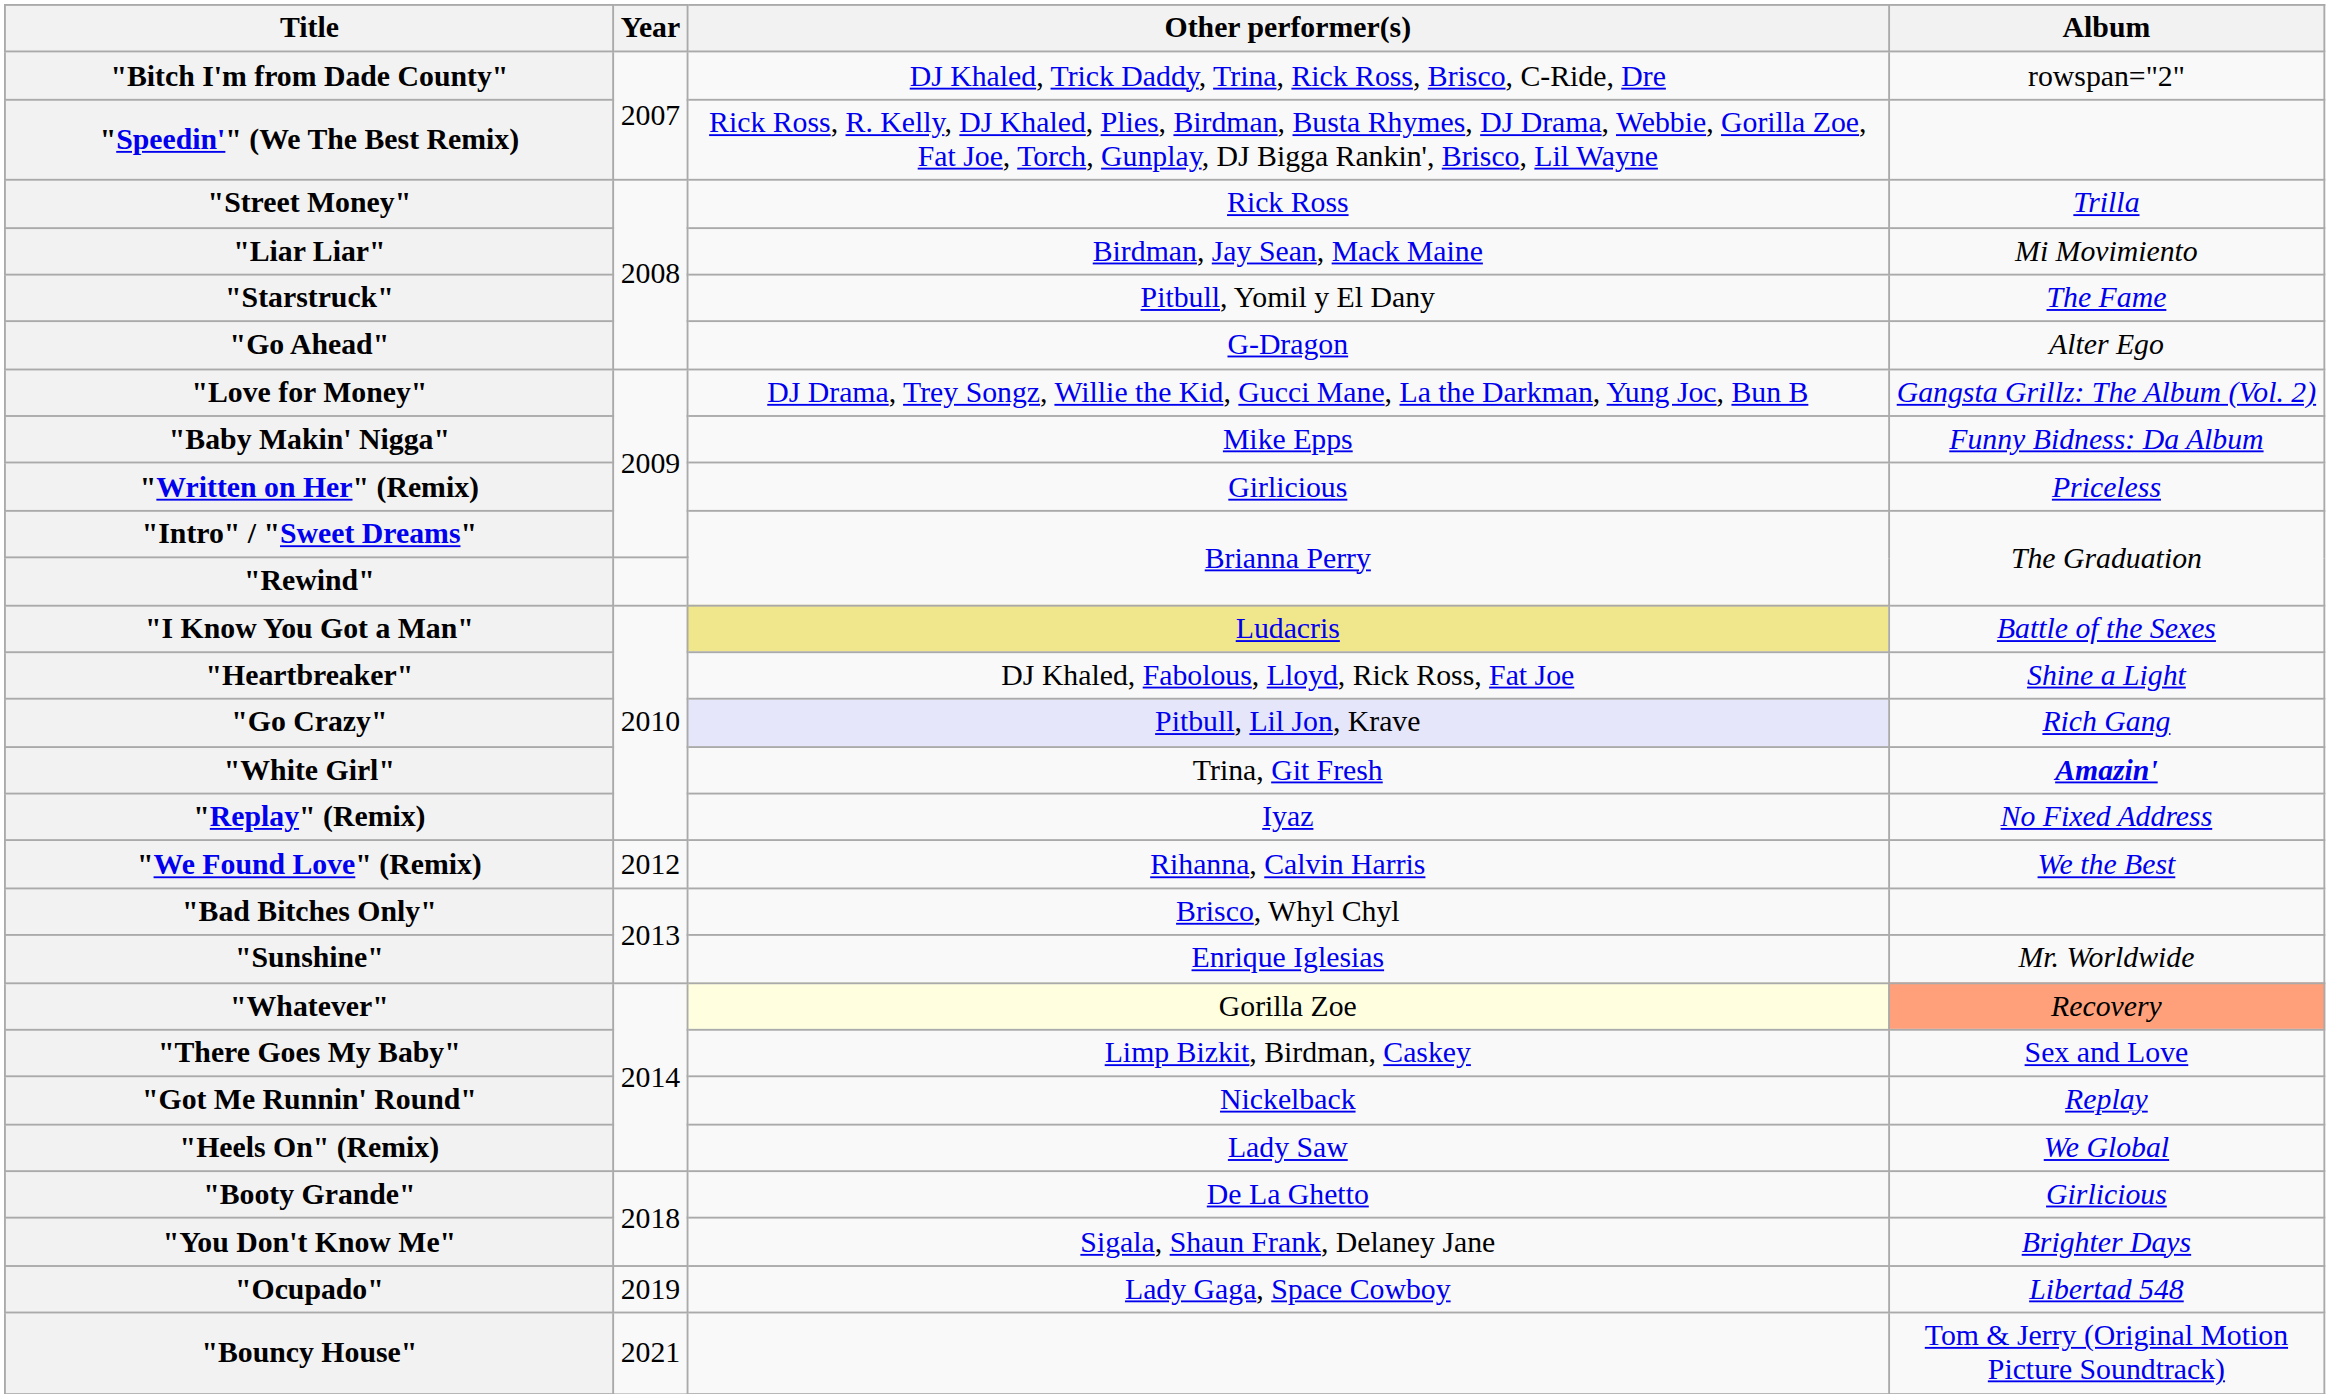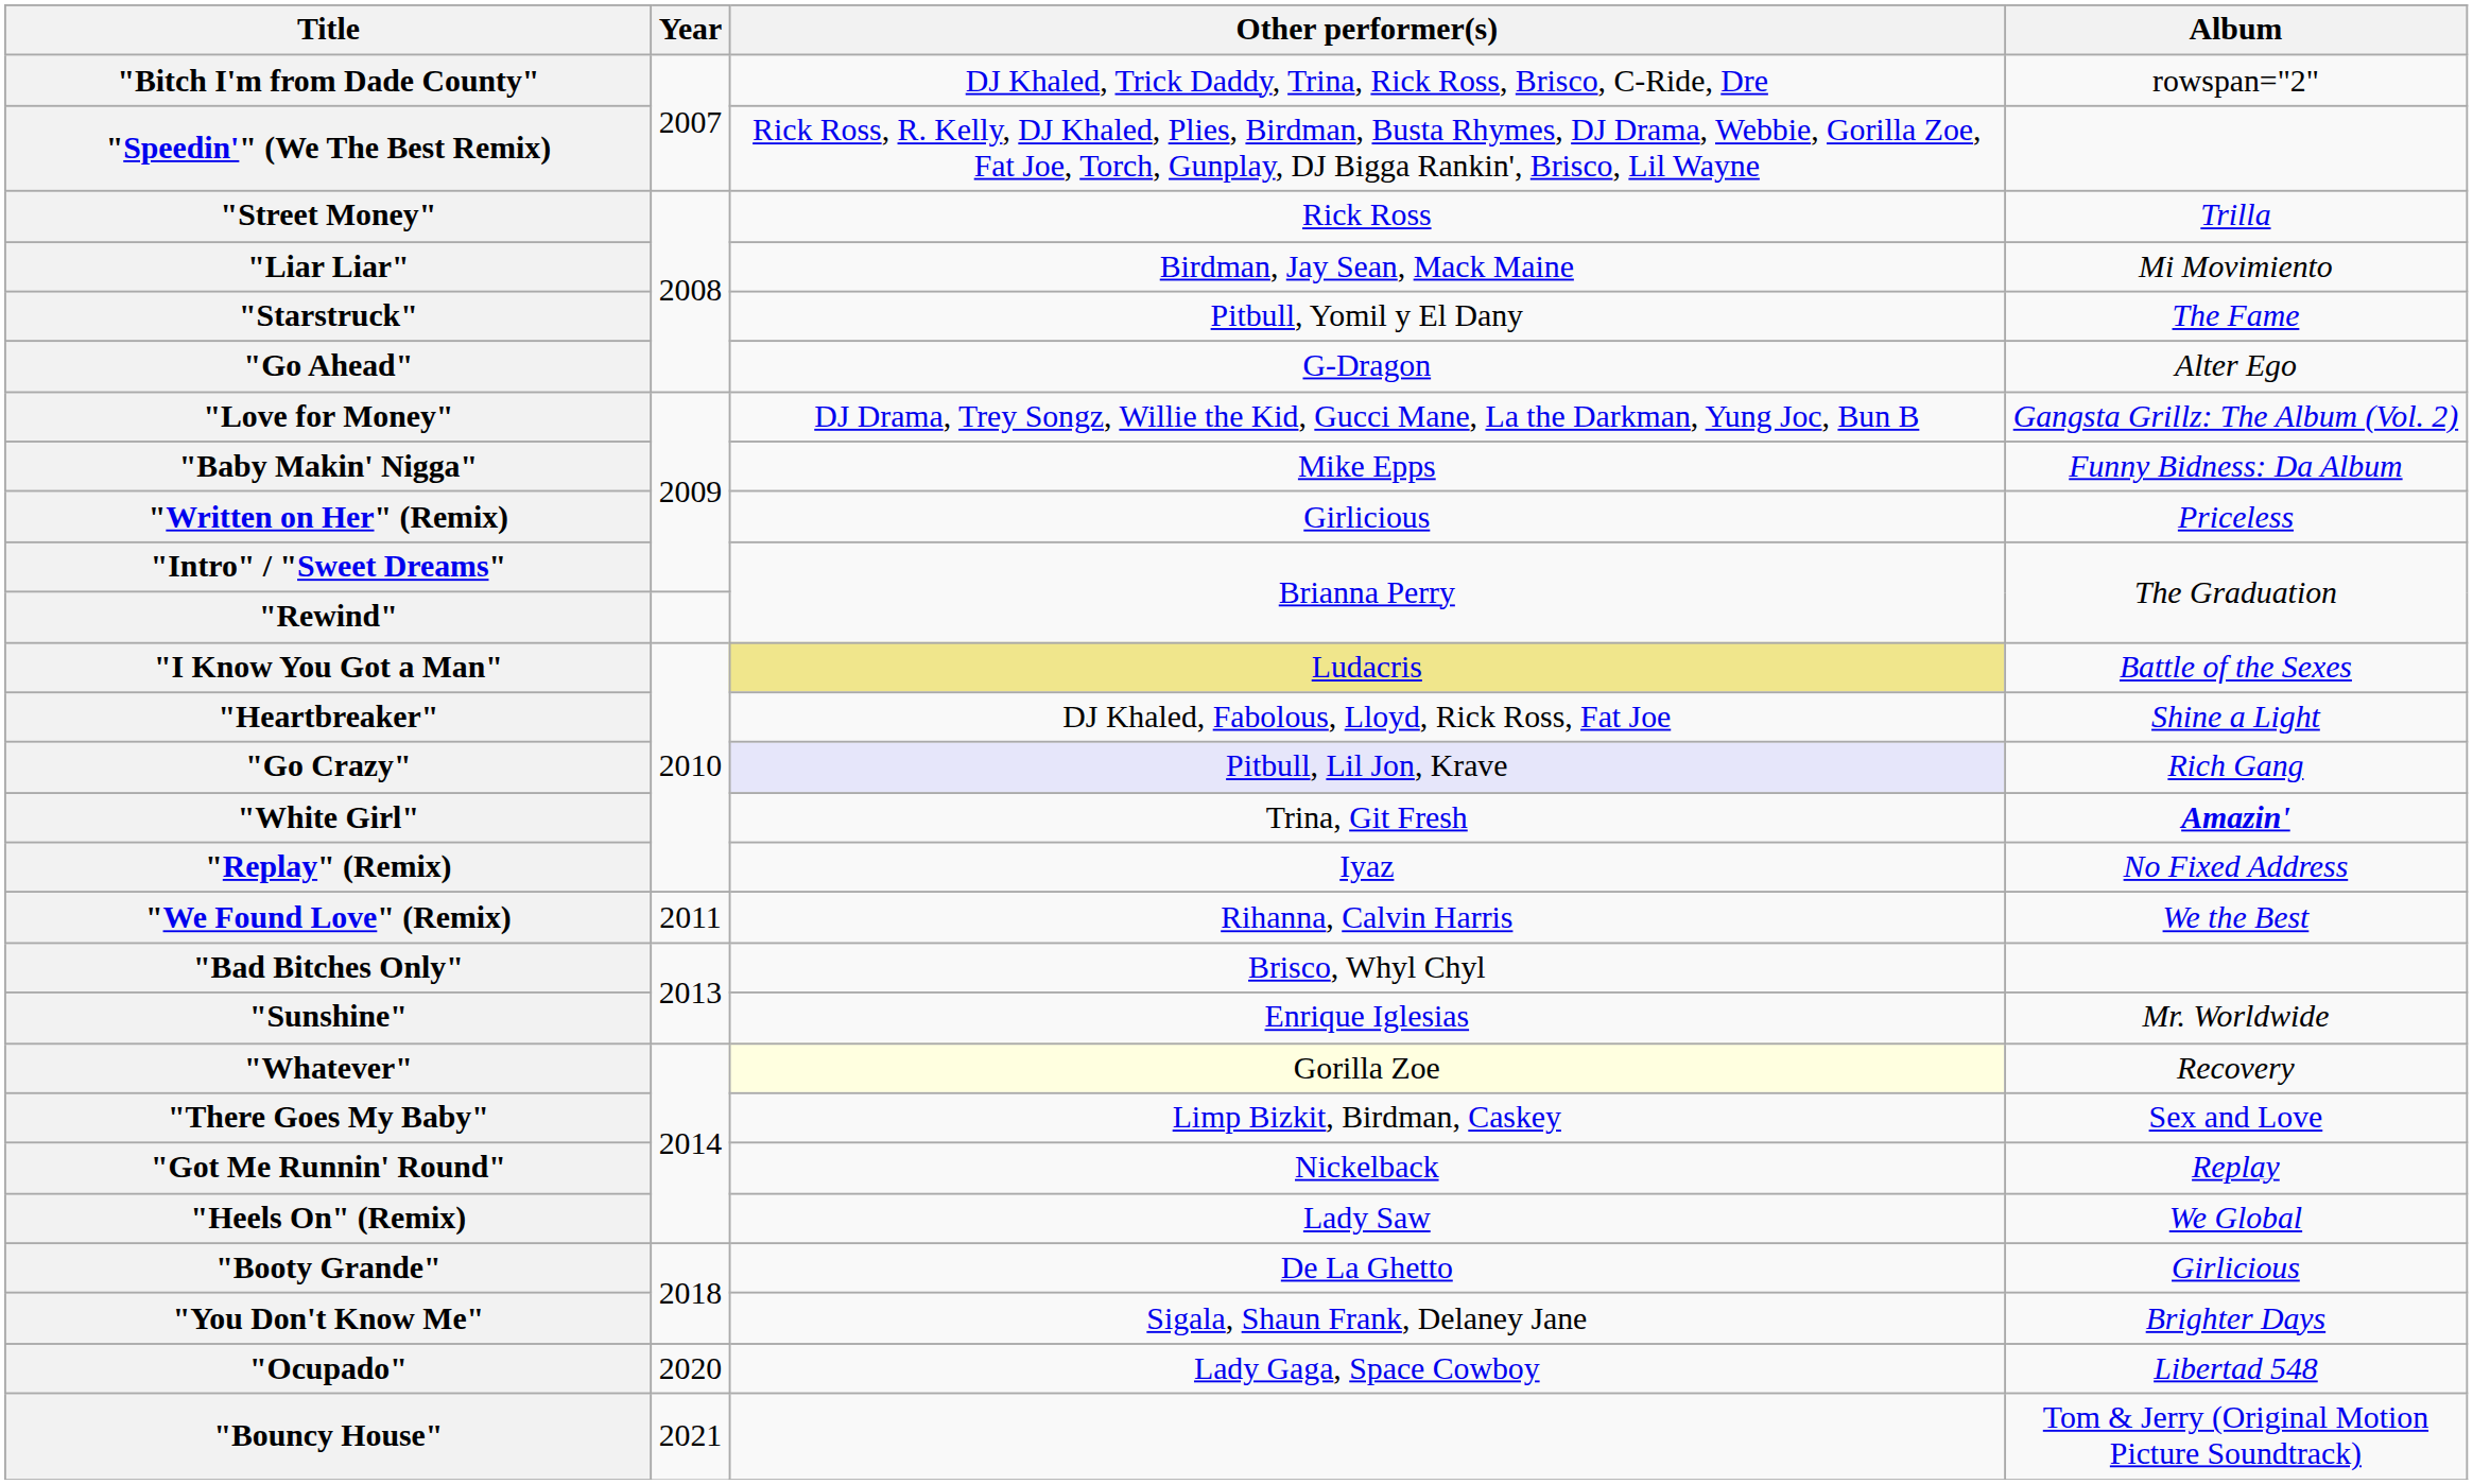 <table class="wikitable plainrowheaders" style="text-align:center;">
 <tr>
 <th scope="col" style="width:20em;">Title</th>
 <th scope="col">Year</th>
 <th scope="col">Other performer(s)</th>
 <th scope="col">Album</th>
 </tr>
 <tr>
 <th scope="row">"Bitch I'm from Dade County"</th>
 <td rowspan="2">2007</td>
 <td><a href='#'>DJ Khaled</a>, <a href='#'>Trick Daddy</a>, <a href='#'>Trina</a>, <a href='#'>Rick Ross</a>, <a href='#'>Brisco</a>, C-Ride, <a href='#'>Dre</a></td>
 <td>rowspan="2" </td>
 </tr>
 <tr>
 <th scope="row">"<a href='#'>Speedin'</a>" (We The Best Remix)</th>
 <td><a href='#'>Rick Ross</a>, <a href='#'>R. Kelly</a>, <a href='#'>DJ Khaled</a>, <a href='#'>Plies</a>, <a href='#'>Birdman</a>, <a href='#'>Busta Rhymes</a>, <a href='#'>DJ Drama</a>, <a href='#'>Webbie</a>, <a href='#'>Gorilla Zoe</a>, <a href='#'>Fat Joe</a>, <a href='#'>Torch</a>, <a href='#'>Gunplay</a>, DJ Bigga Rankin', <a href='#'>Brisco</a>, <a href='#'>Lil Wayne</a></td>
 <td></td>
 </tr>
 <tr>
 <th scope="row">"Street Money"</th>
 <td rowspan="4">2008</td>
 <td><a href='#'>Rick Ross</a></td>
 <td><em><a href='#'>Trilla</a></em></td>
 </tr>
 <tr>
 <th scope="row">"Liar Liar"</th>
 <td><a href='#'>Birdman</a>, <a href='#'>Jay Sean</a>, <a href='#'>Mack Maine</a></td>
 <td><em>Mi Movimiento</em></td>
 </tr>
 <tr>
 <th scope="row">"Starstruck"</th>
 <td><a href='#'>Pitbull</a>, Yomil y El Dany</td>
 <td><em><a href='#'>The Fame</a></em></td>
 </tr>
 <tr>
 <th scope="row">"Go Ahead"</th>
 <td><a href='#'>G-Dragon</a></td>
 <td><em>Alter Ego</em></td>
 </tr>
 <tr>
 <th scope="row">"Love for Money"</th>
 <td rowspan="4">2009</td>
 <td><a href='#'>DJ Drama</a>, <a href='#'>Trey Songz</a>, <a href='#'>Willie the Kid</a>, <a href='#'>Gucci Mane</a>, <a href='#'>La the Darkman</a>, <a href='#'>Yung Joc</a>, <a href='#'>Bun B</a></td>
 <td><em><a href='#'>Gangsta Grillz: The Album (Vol. 2)</a></em></td>
 </tr>
 <tr>
 <th scope="row">"Baby Makin' Nigga"</th>
 <td><a href='#'>Mike Epps</a></td>
 <td><em><a href='#'>Funny Bidness: Da Album</a></em></td>
 </tr>
 <tr>
 <th scope="row">"<a href='#'>Written on Her</a>" (Remix)</th>
 <td><a href='#'>Girlicious</a></td>
 <td><em><a href='#'>Priceless</a></em></td>
 </tr>
 <tr>
 <th scope="row">"Intro" / "<a href='#'>Sweet Dreams</a>"</th>
 <td rowspan="2"><a href='#'>Brianna Perry</a></td>
 <td rowspan="2"><em>The Graduation</em></td>
 </tr>
 <tr>
 <th scope="row">"Rewind"</th>
 </tr>
 <tr>
 <th scope="row">"I Know You Got a Man"</th>
 <td rowspan="5">2010</td>
 <td style="background: khaki;"><a href='#'>Ludacris</a></td>
 <td><em><a href='#'>Battle of the Sexes</a></em></td>
 </tr>
 <tr>
 <th scope="row">"Heartbreaker"</th>
 <td>DJ Khaled, <a href='#'>Fabolous</a>, <a href='#'>Lloyd</a>, Rick Ross, <a href='#'>Fat Joe</a></td>
 <td><em><a href='#'>Shine a Light</a></em></td>
 </tr>
 <tr>
 <th scope="row">"Go Crazy"</th>
 <td style="background: lavender;"><a href='#'>Pitbull</a>, <a href='#'>Lil Jon</a>, Krave</td>
 <td><em><a href='#'>Rich Gang</a></em></td>
 </tr>
 <tr>
 <th scope="row">"White Girl"</th>
 <td>Trina, <a href='#'>Git Fresh</a></td>
 <td><strong><em><a href='#'>Amazin'</a></em></strong></td>
 </tr>
 <tr>
 <th scope="row">"<a href='#'>Replay</a>" (Remix)</th>
 <td><a href='#'>Iyaz</a></td>
 <td><em><a href='#'>No Fixed Address</a></em></td>
 </tr>
 <tr>
 <th scope="row">"<a href='#'>We Found Love</a>" (Remix)</th>
-<td>2012</td>
+<td>2011</td>
 <td><a href='#'>Rihanna</a>, <a href='#'>Calvin Harris</a></td>
 <td><em><a href='#'>We the Best</a></em></td>
 </tr>
 <tr>
 <th scope="row">"Bad Bitches Only"</th>
 <td rowspan="2">2013</td>
 <td><a href='#'>Brisco</a>, Whyl Chyl</td>
 </tr>
 <tr>
 <th scope="row">"Sunshine"</th>
 <td><a href='#'>Enrique Iglesias</a></td>
 <td><em>Mr. Worldwide</em></td>
 </tr>
 <tr>
 <th scope="row">"Whatever"</th>
 <td rowspan="4">2014</td>
 <td style="background: lightyellow;">Gorilla Zoe</td>
-<td style="background: lightsalmon;"><em>Recovery</em></td>
+<td><em>Recovery</em></td>
 </tr>
 <tr>
 <th scope="row">"There Goes My Baby"</th>
 <td><a href='#'>Limp Bizkit</a>, Birdman, <a href='#'>Caskey</a></td>
 <td><a href='#'>Sex and Love</a></td>
 </tr>
 <tr>
 <th scope="row">"Got Me Runnin' Round"</th>
 <td><a href='#'>Nickelback</a></td>
 <td><em><a href='#'>Replay</a></em></td>
 </tr>
 <tr>
 <th scope="row">"Heels On" (Remix)</th>
 <td><a href='#'>Lady Saw</a></td>
 <td><em><a href='#'>We Global</a></em></td>
 </tr>
 <tr>
 <th scope="row">"Booty Grande"</th>
 <td rowspan="2">2018</td>
 <td><a href='#'>De La Ghetto</a></td>
 <td><em><a href='#'>Girlicious</a></em></td>
 </tr>
 <tr>
 <th scope="row">"You Don't Know Me"</th>
 <td><a href='#'>Sigala</a>, <a href='#'>Shaun Frank</a>, Delaney Jane</td>
 <td><em><a href='#'>Brighter Days</a></em></td>
 </tr>
 <tr>
 <th scope="row">"Ocupado"</th>
-<td>2019</td>
+<td>2020</td>
 <td><a href='#'>Lady Gaga</a>, <a href='#'>Space Cowboy</a></td>
 <td><em><a href='#'>Libertad 548</a></em></td>
 </tr>
 <tr>
 <th scope="row">"Bouncy House"</th>
 <td rowspan="2">2021</td>
 <td></td>
 <td><a href='#'>Tom & Jerry (Original Motion Picture Soundtrack)</a></td>
 </tr>
 <tr>
 </tr>
 </table>
